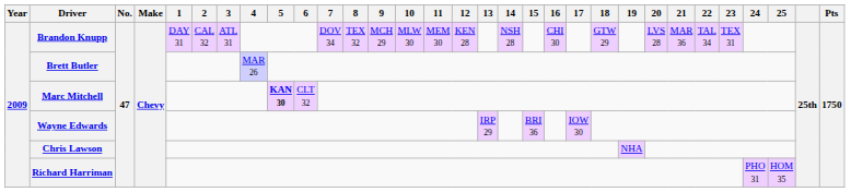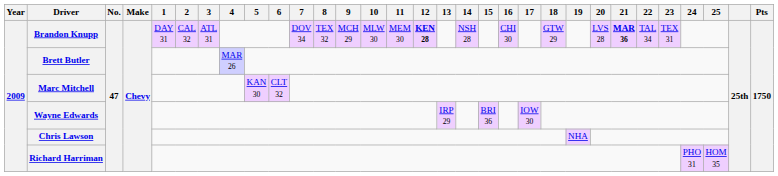 <table class="wikitable" style="text-align:center; font-size:75%">
 <tr>
 <th>Year</th>
 <th>Driver</th>
 <th>No.</th>
 <th>Make</th>
 <th>1</th>
 <th>2</th>
 <th>3</th>
 <th>4</th>
 <th>5</th>
 <th>6</th>
 <th>7</th>
 <th>8</th>
 <th>9</th>
 <th>10</th>
 <th>11</th>
 <th>12</th>
 <th>13</th>
 <th>14</th>
 <th>15</th>
 <th>16</th>
 <th>17</th>
 <th>18</th>
 <th>19</th>
 <th>20</th>
 <th>21</th>
 <th>22</th>
 <th>23</th>
 <th>24</th>
 <th>25</th>
 <th></th>
 <th>Pts</th>
 </tr>
 <tr>
 <th rowspan="6"><a href='#'>2009</a></th>
 <th><a href='#'>Brandon Knupp</a></th>
 <th rowspan="6">47</th>
 <th rowspan="6"><a href='#'>Chevy</a></th>
 <td style="background:#EFCFFF;"><a href='#'>DAY</a> <br><small>31</small></td>
 <td style="background:#EFCFFF;"><a href='#'>CAL</a> <br><small>32</small></td>
 <td style="background:#EFCFFF;"><a href='#'>ATL</a> <br><small>31</small></td>
 <td colspan="3"></td>
 <td style="background:#EFCFFF;"><a href='#'>DOV</a> <br><small>34</small></td>
 <td style="background:#EFCFFF;"><a href='#'>TEX</a> <br><small>32</small></td>
 <td style="background:#EFCFFF;"><a href='#'>MCH</a> <br><small>29</small></td>
 <td style="background:#EFCFFF;"><a href='#'>MLW</a> <br><small>30</small></td>
 <td style="background:#EFCFFF;"><a href='#'>MEM</a> <br><small>30</small></td>
-<td style="background:#EFCFFF;"><a href='#'>KEN</a> <br><small>28</small></td>
+<td style="background:#EFCFFF;"><strong><a href='#'>KEN</a> <br><small>28</small></strong></td>
 <td></td>
 <td style="background:#EFCFFF;"><a href='#'>NSH</a> <br><small>28</small></td>
 <td></td>
 <td style="background:#EFCFFF;"><a href='#'>CHI</a> <br><small>30</small></td>
 <td></td>
 <td style="background:#EFCFFF;"><a href='#'>GTW</a> <br><small>29</small></td>
 <td></td>
 <td style="background:#EFCFFF;"><a href='#'>LVS</a> <br><small>28</small></td>
-<td style="background:#EFCFFF;"><a href='#'>MAR</a> <br><small>36</small></td>
+<td style="background:#EFCFFF;"><strong><a href='#'>MAR</a> <br><small>36</small></strong></td>
 <td style="background:#EFCFFF;"><a href='#'>TAL</a> <br><small>34</small></td>
 <td style="background:#EFCFFF;"><a href='#'>TEX</a> <br><small>31</small></td>
 <td colspan="2"></td>
 <th rowspan="6">25th</th>
 <th rowspan="6">1750</th>
 </tr>
 <tr>
 <th><a href='#'>Brett Butler</a></th>
 <td colspan="3"></td>
 <td style="background:#CFCFFF;"><a href='#'>MAR</a><br><small>26</small></td>
 <td colspan="21"></td>
 </tr>
 <tr>
 <th><a href='#'>Marc Mitchell</a></th>
 <td colspan=4></td>
-<td style="background:#EFCFFF;"><strong><a href='#'>KAN</a><br><small>30</small></strong></td>
+<td style="background:#EFCFFF;"><a href='#'>KAN</a><br><small>30</small></td>
 <td style="background:#EFCFFF;"><a href='#'>CLT</a><br><small>32</small></td>
 <td colspan="19"></td>
 </tr>
 <tr>
 <th><a href='#'>Wayne Edwards</a></th>
 <td colspan=12></td>
 <td style="background:#EFCFFF;"><a href='#'>IRP</a><br><small>29</small></td>
 <td></td>
 <td style="background:#EFCFFF;"><a href='#'>BRI</a><br><small>36</small></td>
 <td></td>
 <td style="background:#EFCFFF;"><a href='#'>IOW</a><br><small>30</small></td>
 <td colspan=8></td>
 </tr>
 <tr>
 <th><a href='#'>Chris Lawson</a></th>
 <td colspan="18"></td>
 <td style="background:#EFCFFF;"><a href='#'>NHA</a><br></td>
 <td colspan="6"></td>
 </tr>
 <tr>
 <th><a href='#'>Richard Harriman</a></th>
 <td colspan=23></td>
 <td style="background:#EFCFFF;"><a href='#'>PHO</a><br><small>31</small></td>
 <td style="background:#EFCFFF;"><a href='#'>HOM</a><br><small>35</small></td>
 </tr>
 </table>
